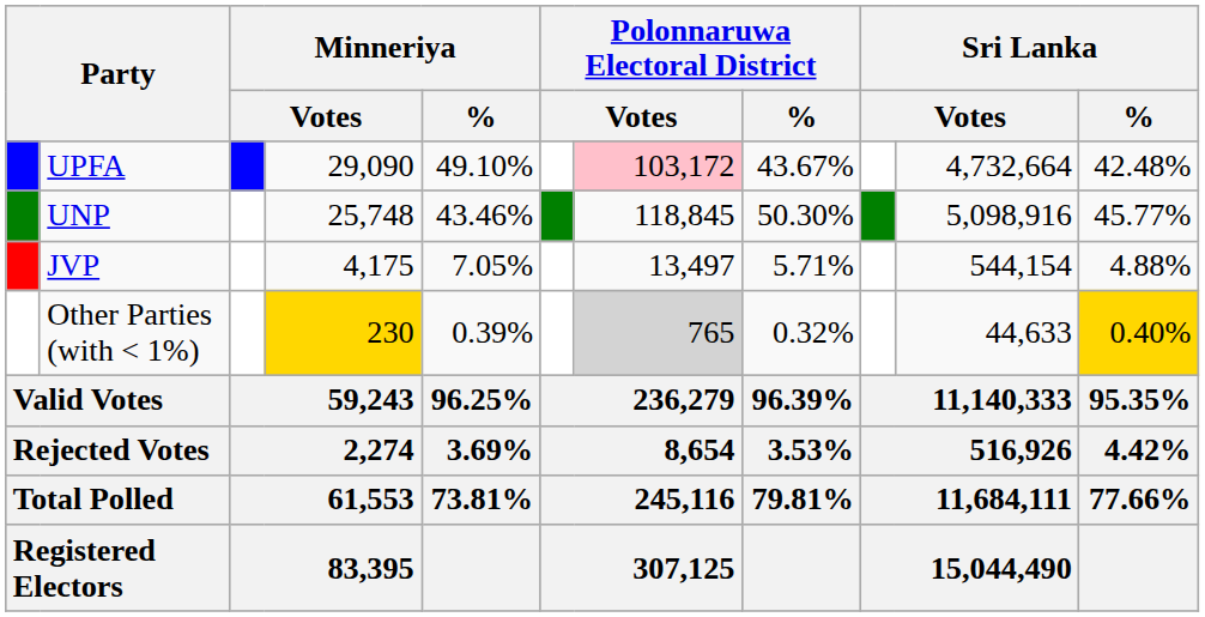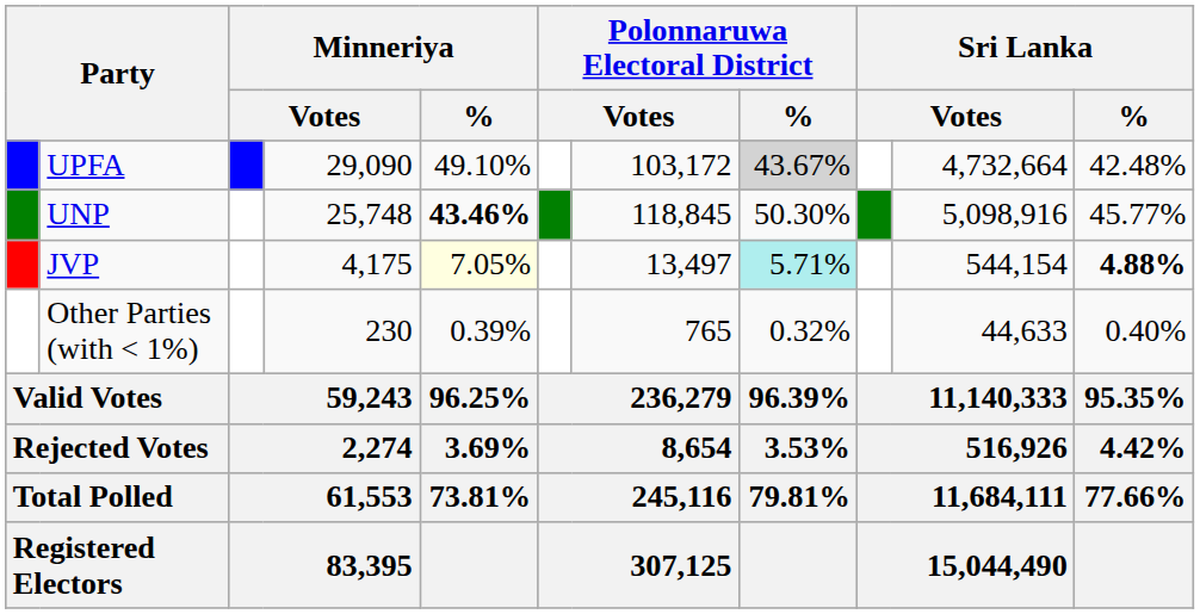 <table class="wikitable">
 <tr>
 <th colspan="2" width="144px"rowspan="2">Party</th>
 <th colspan="3" width="216px">Minneriya</th>
 <th colspan="3" width="216px"><a href='#'>Polonnaruwa Electoral District</a></th>
 <th colspan="3" width="216px">Sri Lanka</th>
 </tr>
 <tr>
 <th colspan="2" width="144px">Votes</th>
 <th>%</th>
 <th colspan="2" width="144px">Votes</th>
 <th>%</th>
 <th colspan="2" width="144px">Votes</th>
 <th>%</th>
 </tr>
 <tr>
 <td style="background-color:blue;" width="10px"></td>
 <td style="text-align:left;"><a href='#'>UPFA</a></td>
 <td style="background-color:blue;" width="10px"></td>
 <td style="text-align:right;">29,090</td>
 <td style="text-align:right;">49.10%</td>
 <td style="background-color:white;" width="10px"></td>
-<td style="background: pink; text-align:right;">103,172</td>
-<td style="text-align:right;">43.67%</td>
+<td style="text-align:right;">103,172</td>
+<td style="background: lightgrey; text-align:right;">43.67%</td>
 <td style="background-color:white;" width="10px"></td>
 <td style="text-align:right;">4,732,664</td>
 <td style="text-align:right;">42.48%</td>
 </tr>
 <tr>
 <td style="background-color:green;" width="10px"></td>
 <td style="text-align:left;"><a href='#'>UNP</a></td>
 <td style="background-color:white;" width="10px"></td>
 <td style="text-align:right;">25,748</td>
-<td style="text-align:right;">43.46%</td>
+<td style="text-align:right;"><strong>43.46%</strong></td>
 <td style="background-color:green;" width="10px"></td>
 <td style="text-align:right;">118,845</td>
 <td style="text-align:right;">50.30%</td>
 <td style="background-color:green;" width="10px"></td>
 <td style="text-align:right;">5,098,916</td>
 <td style="text-align:right;">45.77%</td>
 </tr>
 <tr>
 <td style="background-color:red;" width="10px"></td>
 <td style="text-align:left;"><a href='#'>JVP</a></td>
 <td style="background-color:white;" width="10px"></td>
 <td style="text-align:right;">4,175</td>
-<td style="text-align:right;">7.05%</td>
+<td style="background: lightyellow; text-align:right;">7.05%</td>
 <td style="background-color:white;" width="10px"></td>
 <td style="text-align:right;">13,497</td>
-<td style="text-align:right;">5.71%</td>
+<td style="background: paleturquoise; text-align:right;">5.71%</td>
 <td style="background-color:white;" width="10px"></td>
 <td style="text-align:right;">544,154</td>
-<td style="text-align:right;">4.88%</td>
+<td style="text-align:right;"><strong>4.88%</strong></td>
 </tr>
 <tr>
 <td style="background-color:white;" width="10px"></td>
 <td style="text-align:left;">Other Parties (with < 1%)</td>
 <td style="background-color:white;" width="10px"></td>
-<td style="background: gold; text-align:right;">230</td>
+<td style="text-align:right;">230</td>
 <td style="text-align:right;">0.39%</td>
 <td style="background-color:white;" width="10px"></td>
-<td style="background: lightgrey; text-align:right;">765</td>
+<td style="text-align:right;">765</td>
 <td style="text-align:right;">0.32%</td>
 <td style="background-color:white;" width="10px"></td>
 <td style="text-align:right;">44,633</td>
-<td style="background: gold; text-align:right;">0.40%</td>
+<td style="text-align:right;">0.40%</td>
 </tr>
 <tr>
 <th colspan="2" width="144px"style="text-align:left;">Valid Votes</th>
 <th style="text-align:right;"colspan="2" width="144px">59,243</th>
 <th style="text-align:right;">96.25%</th>
 <th style="text-align:right;"colspan="2" width="144px">236,279</th>
 <th style="text-align:right;">96.39%</th>
 <th style="text-align:right;"colspan="2" width="144px">11,140,333</th>
 <th style="text-align:right;">95.35%</th>
 </tr>
 <tr>
 <th colspan="2" width="144px"style="text-align:left;">Rejected Votes</th>
 <th style="text-align:right;"colspan="2" width="144px">2,274</th>
 <th style="text-align:right;">3.69%</th>
 <th style="text-align:right;"colspan="2" width="144px">8,654</th>
 <th style="text-align:right;">3.53%</th>
 <th style="text-align:right;"colspan="2" width="144px">516,926</th>
 <th style="text-align:right;">4.42%</th>
 </tr>
 <tr>
 <th colspan="2" width="144px"style="text-align:left;">Total Polled</th>
 <th style="text-align:right;"colspan="2" width="144px">61,553</th>
 <th style="text-align:right;">73.81%</th>
 <th style="text-align:right;"colspan="2" width="144px">245,116</th>
 <th style="text-align:right;">79.81%</th>
 <th style="text-align:right;"colspan="2" width="144px">11,684,111</th>
 <th style="text-align:right;">77.66%</th>
 </tr>
 <tr>
 <th colspan="2" width="144px"style="text-align:left;">Registered Electors</th>
 <th style="text-align:right;"colspan="2" width="144px">83,395</th>
 <th></th>
 <th style="text-align:right;"colspan="2" width="144px">307,125</th>
 <th></th>
 <th style="text-align:right;"colspan="2" width="144px">15,044,490</th>
 <th></th>
 </tr>
 </table>
